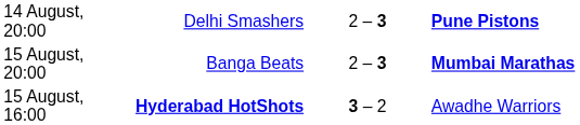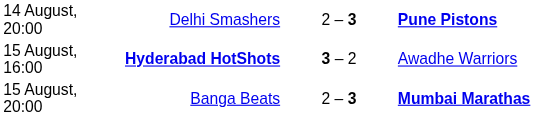 <table style="font-size:90%">
 <tr>
 <td width=100>14 August, 20:00</td>
 <td width=150 align=right><a href='#'>Delhi Smashers</a> </td>
 <td width=100 align=center>2 – <strong>3</strong></td>
 <td width=150><strong><a href='#'>Pune Pistons</a></strong></td>
 </tr>
 <tr>
+<td width=100>15 August, 16:00</td>
+<td width=150 align=right><strong><a href='#'>Hyderabad HotShots</a></strong></td>
+<td width=100 align=center><strong>3</strong> – 2</td>
+<td width=150><a href='#'>Awadhe Warriors</a></td>
+</tr>
+<tr>
 <td width=100>15 August, 20:00</td>
 <td width=150 align=right><a href='#'>Banga Beats</a></td>
 <td width=100 align=center>2 – <strong>3</strong></td>
 <td width=150><strong><a href='#'>Mumbai Marathas</a></strong></td>
 </tr>
-<tr>
-<td width=100>15 August, 16:00</td>
-<td width=150 align=right><strong><a href='#'>Hyderabad HotShots</a></strong></td>
-<td width=100 align=center><strong>3</strong> – 2</td>
-<td width=150><a href='#'>Awadhe Warriors</a></td>
-</tr>
 </table>
